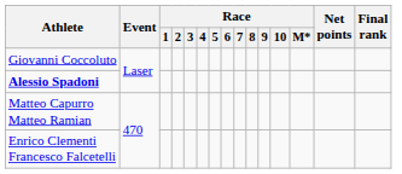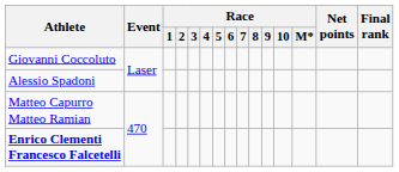 <table class="wikitable" style="font-size:90%">
 <tr>
 <th rowspan="2">Athlete</th>
 <th rowspan="2">Event</th>
 <th colspan=11>Race</th>
 <th rowspan=2>Net<br>points</th>
 <th rowspan=2>Final<br>rank</th>
 </tr>
 <tr style="font-size:95%">
 <th>1</th>
 <th>2</th>
 <th>3</th>
 <th>4</th>
 <th>5</th>
 <th>6</th>
 <th>7</th>
 <th>8</th>
 <th>9</th>
 <th>10</th>
 <th>M*</th>
 </tr>
 <tr align=center>
 <td align=left><a href='#'>Giovanni Coccoluto</a></td>
 <td align=left rowspan=2><a href='#'>Laser</a></td>
 <td></td>
 <td></td>
 <td></td>
 <td></td>
 <td></td>
 <td></td>
 <td></td>
 <td></td>
 <td></td>
 <td></td>
 <td></td>
 <td></td>
 <td></td>
 </tr>
 <tr align=center>
-<td align=left><strong><a href='#'>Alessio Spadoni</a></strong></td>
+<td align=left><a href='#'>Alessio Spadoni</a></td>
 <td></td>
 <td></td>
 <td></td>
 <td></td>
 <td></td>
 <td></td>
 <td></td>
 <td></td>
 <td></td>
 <td></td>
 <td></td>
 <td></td>
 <td></td>
 </tr>
 <tr align=center>
 <td align=left><a href='#'>Matteo Capurro</a><br><a href='#'>Matteo Ramian</a></td>
 <td align=left rowspan=2><a href='#'>470</a></td>
 <td></td>
 <td></td>
 <td></td>
 <td></td>
 <td></td>
 <td></td>
 <td></td>
 <td></td>
 <td></td>
 <td></td>
 <td></td>
 <td></td>
 <td></td>
 </tr>
 <tr align=center>
-<td align=left><a href='#'>Enrico Clementi</a><br><a href='#'>Francesco Falcetelli</a></td>
+<td align=left><strong><a href='#'>Enrico Clementi</a><br><a href='#'>Francesco Falcetelli</a></strong></td>
 <td></td>
 <td></td>
 <td></td>
 <td></td>
 <td></td>
 <td></td>
 <td></td>
 <td></td>
 <td></td>
 <td></td>
 <td></td>
 <td></td>
 <td></td>
 </tr>
 </table>
